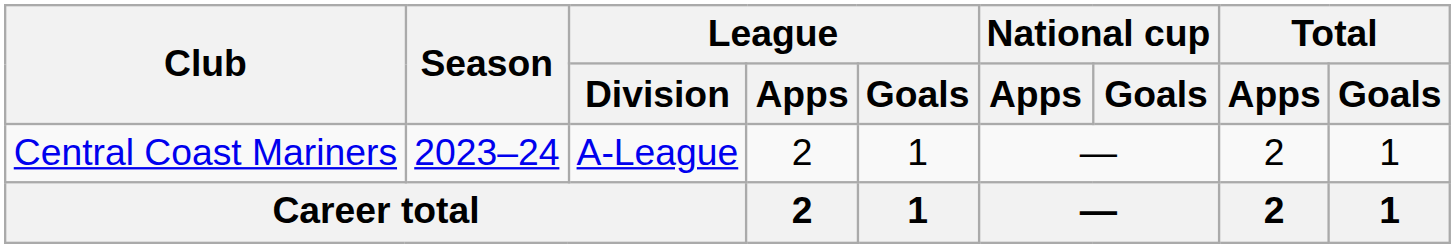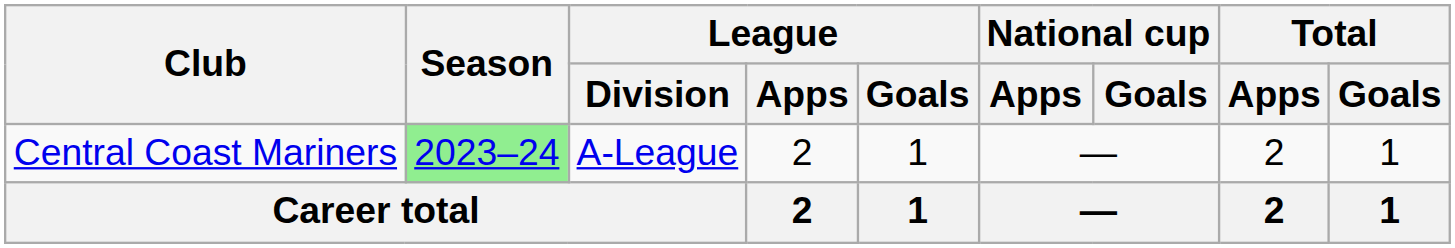 <table class="wikitable" style="text-align:center">
 <tr>
 <th rowspan="2">Club</th>
 <th rowspan="2">Season</th>
 <th colspan="3">League</th>
 <th colspan="2">National cup</th>
 <th colspan="2">Total</th>
 </tr>
 <tr>
 <th>Division</th>
 <th>Apps</th>
 <th>Goals</th>
 <th>Apps</th>
 <th>Goals</th>
 <th>Apps</th>
 <th>Goals</th>
 </tr>
 <tr>
 <td><a href='#'>Central Coast Mariners</a></td>
-<td><a href='#'>2023–24</a></td>
+<td style="background: lightgreen;"><a href='#'>2023–24</a></td>
 <td><a href='#'>A-League</a></td>
 <td>2</td>
 <td>1</td>
 <td colspan="2">—</td>
 <td>2</td>
 <td>1</td>
 </tr>
 <tr>
 <th colspan="3">Career total</th>
 <th>2</th>
 <th>1</th>
 <th colspan="2">—</th>
 <th>2</th>
 <th>1</th>
 </tr>
 </table>
